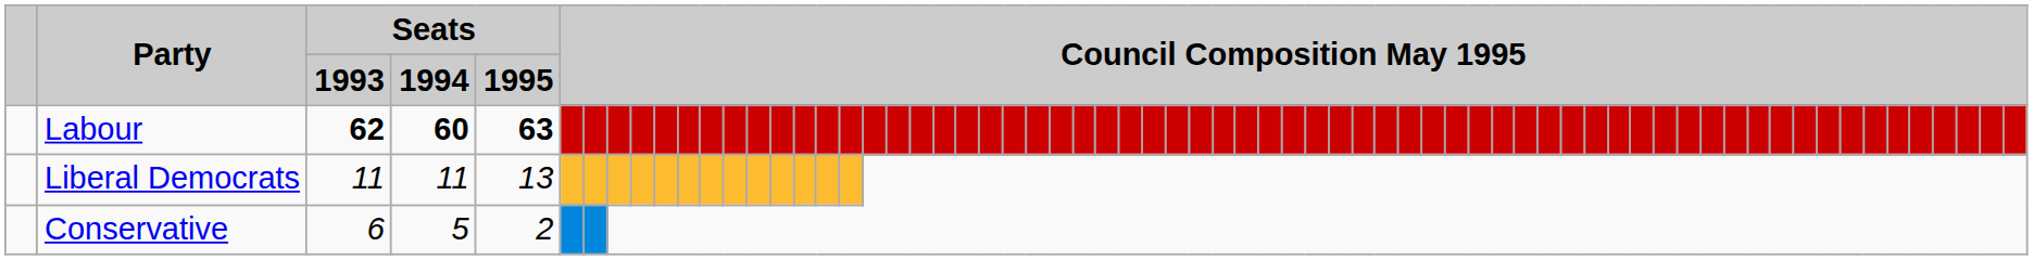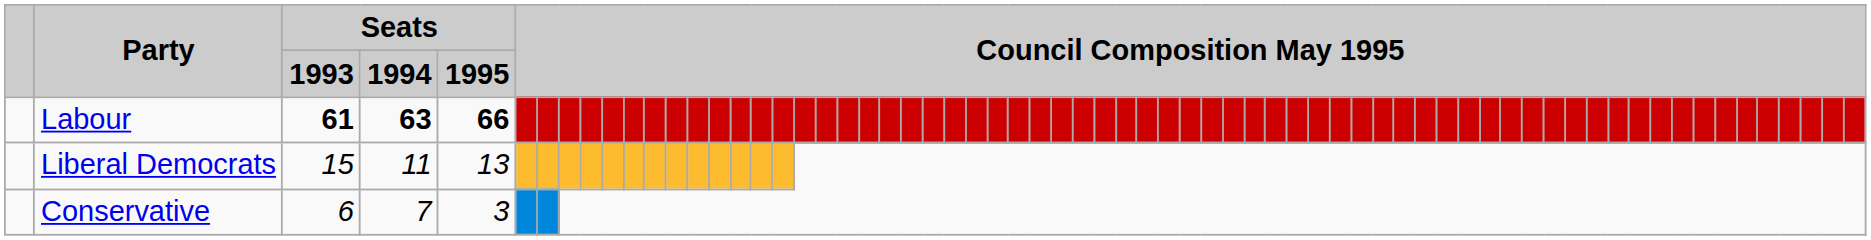 <table class="wikitable">
 <tr>
 <th style="background:#ccc" rowspan="2">  </th>
 <th style="background:#ccc" rowspan="2">Party</th>
 <th style="background:#ccc" colspan="3">Seats</th>
 <th style="background:#ccc" colspan="66" rowspan="2">Council Composition May 1995</th>
 </tr>
 <tr>
 <th style="background:#ccc">1993</th>
 <th style="background:#ccc">1994</th>
 <th style="background:#ccc">1995</th>
 </tr>
 <tr>
 <td style="background:"> </td>
 <td><a href='#'>Labour</a></td>
-<td style="text-align: right"><strong>62</strong></td>
-<td style="text-align: right"><strong>60</strong></td>
+<td style="text-align: right"><strong>61</strong></td>
 <td style="text-align: right"><strong>63</strong></td>
+<td style="text-align: right"><strong>66</strong></td>
 <td style="background:#c00"> </td>
 <td style="background:#c00"> </td>
 <td style="background:#c00"> </td>
 <td style="background:#c00"> </td>
 <td style="background:#c00"> </td>
 <td style="background:#c00"> </td>
 <td style="background:#c00"> </td>
 <td style="background:#c00"> </td>
 <td style="background:#c00"> </td>
 <td style="background:#c00"> </td>
 <td style="background:#c00"> </td>
 <td style="background:#c00"> </td>
 <td style="background:#c00"> </td>
 <td style="background:#c00"> </td>
 <td style="background:#c00"> </td>
 <td style="background:#c00"> </td>
 <td style="background:#c00"> </td>
 <td style="background:#c00"> </td>
 <td style="background:#c00"> </td>
 <td style="background:#c00"> </td>
 <td style="background:#c00"> </td>
 <td style="background:#c00"> </td>
 <td style="background:#c00"> </td>
 <td style="background:#c00"> </td>
 <td style="background:#c00"> </td>
 <td style="background:#c00"> </td>
 <td style="background:#c00"> </td>
 <td style="background:#c00"> </td>
 <td style="background:#c00"> </td>
 <td style="background:#c00"> </td>
 <td style="background:#c00"> </td>
 <td style="background:#c00"> </td>
 <td style="background:#c00"> </td>
 <td style="background:#c00"> </td>
 <td style="background:#c00"> </td>
 <td style="background:#c00"> </td>
 <td style="background:#c00"> </td>
 <td style="background:#c00"> </td>
 <td style="background:#c00"> </td>
 <td style="background:#c00"> </td>
 <td style="background:#c00"> </td>
 <td style="background:#c00"> </td>
 <td style="background:#c00"> </td>
 <td style="background:#c00"> </td>
 <td style="background:#c00"> </td>
 <td style="background:#c00"> </td>
 <td style="background:#c00"> </td>
 <td style="background:#c00"> </td>
 <td style="background:#c00"> </td>
 <td style="background:#c00"> </td>
 <td style="background:#c00"> </td>
 <td style="background:#c00"> </td>
 <td style="background:#c00"> </td>
 <td style="background:#c00"> </td>
 <td style="background:#c00"> </td>
 <td style="background:#c00"> </td>
 <td style="background:#c00"> </td>
 <td style="background:#c00"> </td>
 <td style="background:#c00"> </td>
 <td style="background:#c00"> </td>
 <td style="background:#c00"> </td>
 <td style="background:#c00"> </td>
 <td style="background:#c00"> </td>
 </tr>
 <tr>
 <td style="background:"> </td>
 <td><a href='#'>Liberal Democrats</a></td>
-<td style="text-align: right"><em>11</em></td>
+<td style="text-align: right"><em>15</em></td>
 <td style="text-align: right"><em>11</em></td>
 <td style="text-align: right"><em>13</em></td>
 <td style="background:#FDBB30"> </td>
 <td style="background:#FDBB30"> </td>
 <td style="background:#FDBB30"> </td>
 <td style="background:#FDBB30"> </td>
 <td style="background:#FDBB30"> </td>
 <td style="background:#FDBB30"> </td>
 <td style="background:#FDBB30"> </td>
 <td style="background:#FDBB30"> </td>
 <td style="background:#FDBB30"> </td>
 <td style="background:#FDBB30"> </td>
 <td style="background:#FDBB30"> </td>
 <td style="background:#FDBB30"> </td>
 <td style="background:#FDBB30"> </td>
 </tr>
 <tr>
 <td style="background:"> </td>
 <td><a href='#'>Conservative</a></td>
 <td style="text-align: right"><em>6</em></td>
-<td style="text-align: right"><em>5</em></td>
-<td style="text-align: right"><em>2</em></td>
+<td style="text-align: right"><em>7</em></td>
+<td style="text-align: right"><em>3</em></td>
 <td style="background:#0087DC"> </td>
 <td style="background:#0087DC"> </td>
 </tr>
 </table>
